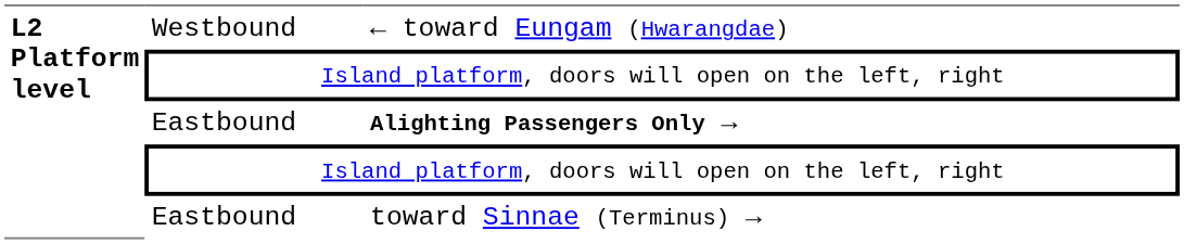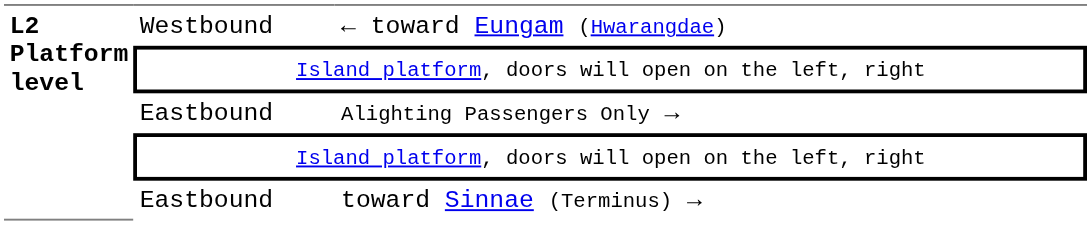 <table table border=0 cellspacing=0 cellpadding=3>
 <tr>
 <td style="border-top:solid 1px gray;border-bottom:solid 1px gray;" width=50 rowspan=10 valign=top><strong>L2<br>Platform level</strong></td>
 <td style="border-bottom:solid 0px gray;border-top:solid 1px gray;" width=100>Westbound</td>
 <td style="border-bottom:solid 0px gray;border-top:solid 1px gray;" width=390>←  toward <a href='#'>Eungam</a> <small>(<a href='#'>Hwarangdae</a>)</small></td>
 </tr>
 <tr>
 <td style="border-top:solid 2px black;border-right:solid 2px black;border-left:solid 2px black;border-bottom:solid 2px black;text-align:center;" colspan=2><small><a href='#'>Island platform</a>, doors will open on the left, right</small></td>
 </tr>
 <tr>
 <td>Eastbound</td>
-<td><strong>  <small>Alighting Passengers Only</small> →</strong></td>
+<td>  <small>Alighting Passengers Only</small> →</td>
 </tr>
 <tr>
 <td style="border-top:solid 2px black;border-right:solid 2px black;border-left:solid 2px black;border-bottom:solid 2px black;text-align:center;" colspan=2><small><a href='#'>Island platform</a>, doors will open on the left, right</small></td>
 </tr>
 <tr>
 <td>Eastbound</td>
 <td>  toward <a href='#'>Sinnae</a> <small>(Terminus)</small> →</td>
 </tr>
 </table>
